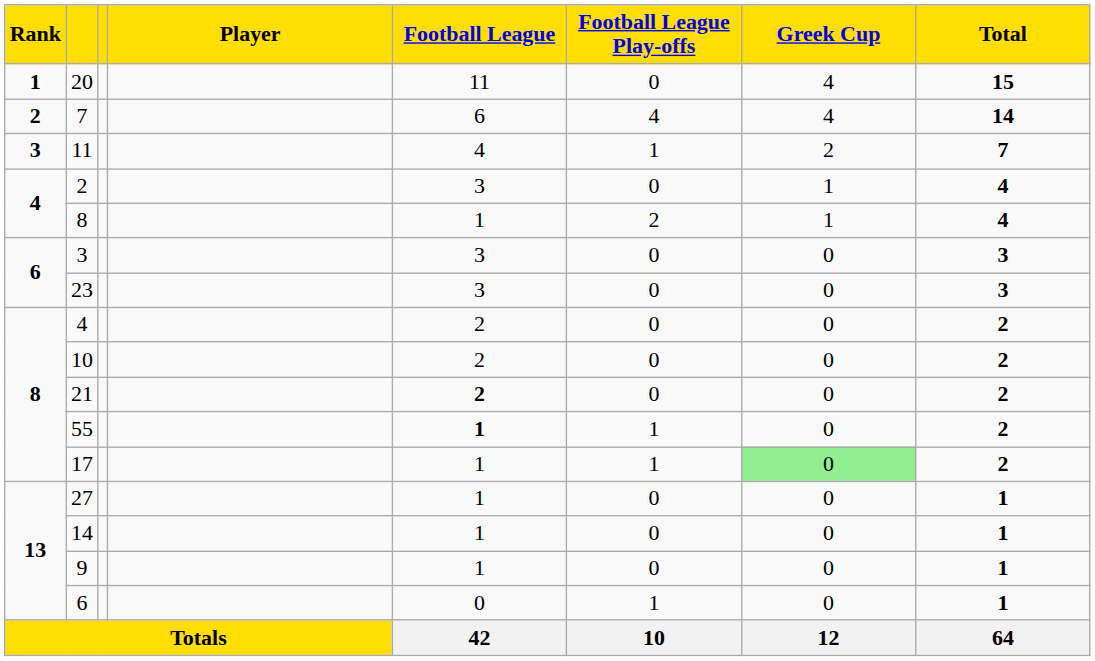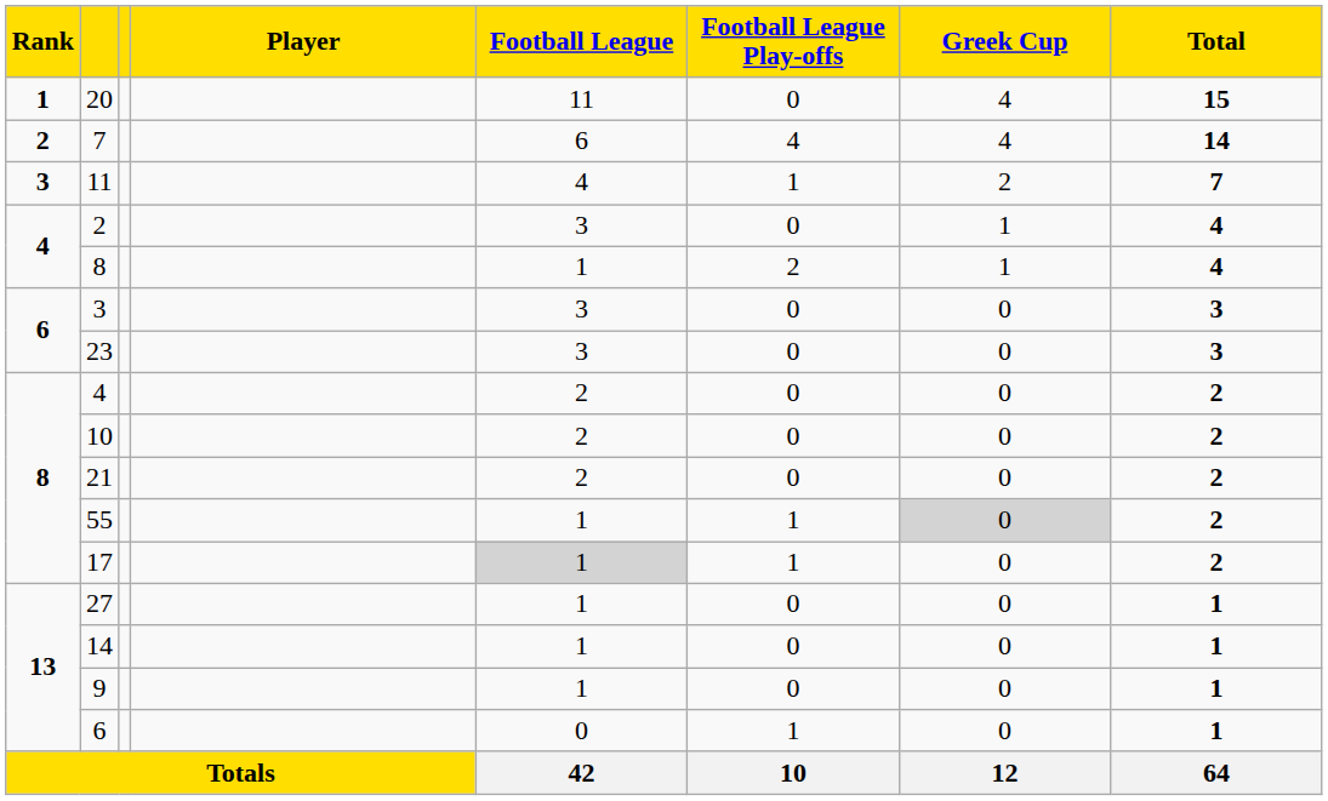 <table class="wikitable sortable" style="text-align: center">
 <tr>
 <th style="background:#FFDE00">Rank</th>
 <th style="background:#FFDE00"></th>
 <th style="background:#FFDE00"></th>
 <th width=200 style="background:#FFDE00">Player</th>
 <th width=120 style="background:#FFDE00"><a href='#'>Football League</a></th>
 <th width=120 style="background:#FFDE00"><a href='#'>Football League Play-offs</a></th>
 <th width=120 style="background:#FFDE00"><a href='#'>Greek Cup</a></th>
 <th width=120 style="background:#FFDE00">Total</th>
 </tr>
 <tr>
 <td><strong>1</strong></td>
 <td>20</td>
 <td></td>
 <td align=left></td>
 <td>11</td>
 <td>0</td>
 <td>4</td>
 <td><strong>15</strong></td>
 </tr>
 <tr>
 <td><strong>2</strong></td>
 <td>7</td>
 <td></td>
 <td align=left></td>
 <td>6</td>
 <td>4</td>
 <td>4</td>
 <td><strong>14</strong></td>
 </tr>
 <tr>
 <td><strong>3</strong></td>
 <td>11</td>
 <td></td>
 <td align=left></td>
 <td>4</td>
 <td>1</td>
 <td>2</td>
 <td><strong>7</strong></td>
 </tr>
 <tr>
 <td rowspan=2><strong>4</strong></td>
 <td>2</td>
 <td></td>
 <td align=left></td>
 <td>3</td>
 <td>0</td>
 <td>1</td>
 <td><strong>4</strong></td>
 </tr>
 <tr>
 <td>8</td>
 <td></td>
 <td align=left></td>
 <td>1</td>
 <td>2</td>
 <td>1</td>
 <td><strong>4</strong></td>
 </tr>
 <tr>
 <td rowspan=2><strong>6</strong></td>
 <td>3</td>
 <td></td>
 <td align=left></td>
 <td>3</td>
 <td>0</td>
 <td>0</td>
 <td><strong>3</strong></td>
 </tr>
 <tr>
 <td>23</td>
 <td></td>
 <td align=left></td>
 <td>3</td>
 <td>0</td>
 <td>0</td>
 <td><strong>3</strong></td>
 </tr>
 <tr>
 <td rowspan=5><strong>8</strong></td>
 <td>4</td>
 <td></td>
 <td align=left></td>
 <td>2</td>
 <td>0</td>
 <td>0</td>
 <td><strong>2</strong></td>
 </tr>
 <tr>
 <td>10</td>
 <td></td>
 <td align=left></td>
 <td>2</td>
 <td>0</td>
 <td>0</td>
 <td><strong>2</strong></td>
 </tr>
 <tr>
 <td>21</td>
 <td></td>
 <td align=left></td>
-<td><strong>2</strong></td>
+<td>2</td>
 <td>0</td>
 <td>0</td>
 <td><strong>2</strong></td>
 </tr>
 <tr>
 <td>55</td>
 <td></td>
 <td align=left></td>
-<td><strong>1</strong></td>
 <td>1</td>
-<td>0</td>
+<td>1</td>
+<td style="background: lightgrey;">0</td>
 <td><strong>2</strong></td>
 </tr>
 <tr>
 <td>17</td>
 <td></td>
 <td align=left></td>
+<td style="background: lightgrey;">1</td>
 <td>1</td>
-<td>1</td>
-<td style="background: lightgreen;">0</td>
+<td>0</td>
 <td><strong>2</strong></td>
 </tr>
 <tr>
 <td rowspan=4><strong>13</strong></td>
 <td>27</td>
 <td></td>
 <td align=left></td>
 <td>1</td>
 <td>0</td>
 <td>0</td>
 <td><strong>1</strong></td>
 </tr>
 <tr>
 <td>14</td>
 <td></td>
 <td align=left></td>
 <td>1</td>
 <td>0</td>
 <td>0</td>
 <td><strong>1</strong></td>
 </tr>
 <tr>
 <td>9</td>
 <td></td>
 <td align=left></td>
 <td>1</td>
 <td>0</td>
 <td>0</td>
 <td><strong>1</strong></td>
 </tr>
 <tr>
 <td>6</td>
 <td></td>
 <td align=left></td>
 <td>0</td>
 <td>1</td>
 <td>0</td>
 <td><strong>1</strong></td>
 </tr>
 <tr class="sortbottom">
 <th colspan=4 style="background:#FFDE00"><strong>Totals</strong></th>
 <th><strong>42</strong></th>
 <th><strong>10</strong></th>
 <th><strong>12</strong></th>
 <th><strong>64</strong></th>
 </tr>
 </table>
